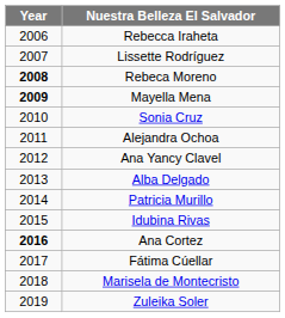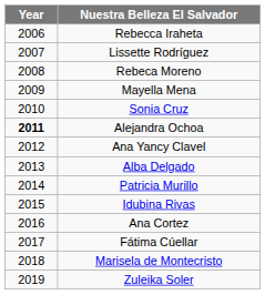 <table class="wikitable sortable" style="font-size: 95%; text-align:center">
 <tr>
 <th width="60" style="background-color:#787878;color:#FFFFFF;">Year</th>
 <th width="250" style="background-color:#787878;color:#FFFFFF;">Nuestra Belleza El Salvador</th>
 </tr>
 <tr>
 <td>2006</td>
 <td>Rebecca Iraheta</td>
 </tr>
 <tr>
 <td>2007</td>
 <td>Lissette Rodríguez</td>
 </tr>
 <tr>
-<td><strong>2008</strong></td>
+<td>2008</td>
 <td>Rebeca Moreno</td>
 </tr>
 <tr>
-<td><strong>2009</strong></td>
+<td>2009</td>
 <td>Mayella Mena</td>
 </tr>
 <tr>
 <td>2010</td>
 <td><a href='#'>Sonia Cruz</a></td>
 </tr>
 <tr>
-<td>2011</td>
+<td><strong>2011</strong></td>
 <td>Alejandra Ochoa</td>
 </tr>
 <tr>
 <td>2012</td>
 <td>Ana Yancy Clavel</td>
 </tr>
 <tr>
 <td>2013</td>
 <td><a href='#'>Alba Delgado</a></td>
 </tr>
 <tr>
 <td>2014</td>
 <td><a href='#'>Patricia Murillo</a></td>
 </tr>
 <tr>
 <td>2015</td>
 <td><a href='#'>Idubina Rivas</a></td>
 </tr>
 <tr>
-<td><strong>2016</strong></td>
+<td>2016</td>
 <td>Ana Cortez</td>
 </tr>
 <tr>
 <td>2017</td>
 <td>Fátima Cúellar</td>
 </tr>
 <tr>
 <td>2018</td>
 <td><a href='#'>Marisela de Montecristo</a></td>
 </tr>
 <tr>
 <td>2019</td>
 <td><a href='#'>Zuleika Soler</a></td>
 </tr>
 </table>
